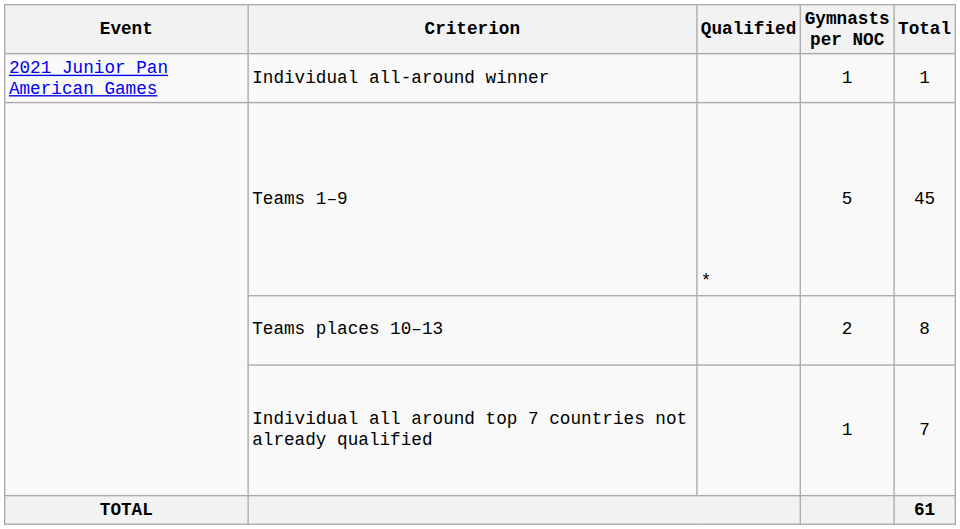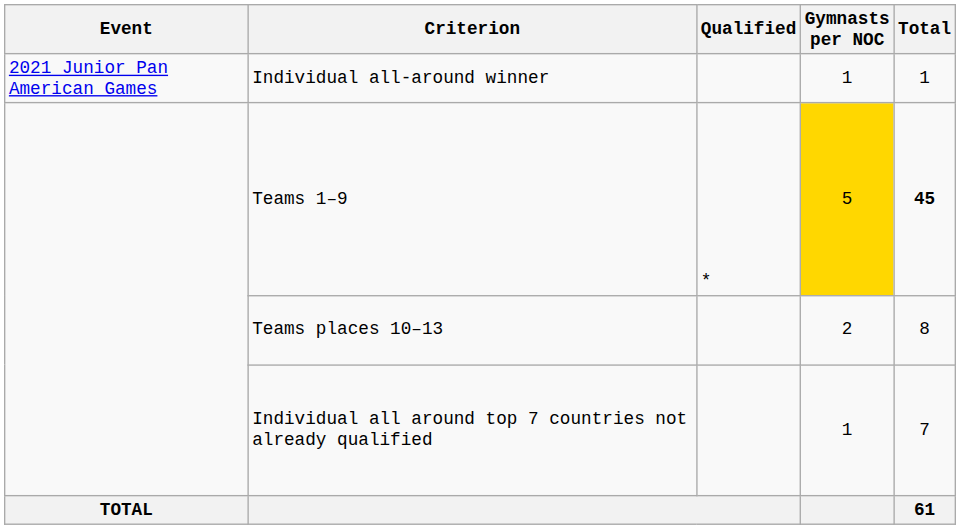 <table class="wikitable" width=700>
 <tr>
 <th>Event</th>
 <th>Criterion</th>
 <th>Qualified</th>
 <th>Gymnasts<br> per NOC</th>
 <th>Total</th>
 </tr>
 <tr>
 <td><a href='#'>2021 Junior Pan American Games</a></td>
 <td>Individual all-around winner</td>
 <td></td>
 <td align="center">1</td>
 <td align="center">1</td>
 </tr>
 <tr>
 <td rowspan="3"></td>
 <td>Teams 1–9</td>
 <td><br><br><br><br><br><br><br><br>*</td>
-<td align="center">5</td>
-<td align="center">45</td>
+<td align="center" style="background: gold;">5</td>
+<td align="center"><strong>45</strong></td>
 </tr>
 <tr>
 <td>Teams places 10–13</td>
 <td><br><br><br></td>
 <td align="center">2</td>
 <td align="center">8</td>
 </tr>
 <tr>
 <td>Individual all around top 7 countries not already qualified</td>
 <td><br><br><br><br><br><br></td>
 <td align="center">1</td>
 <td align="center">7</td>
 </tr>
 <tr>
 <th>TOTAL</th>
 <th colspan="2"></th>
 <th></th>
 <th>61</th>
 </tr>
 </table>
